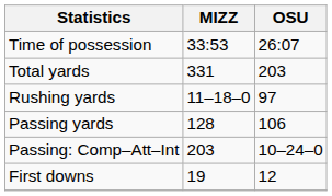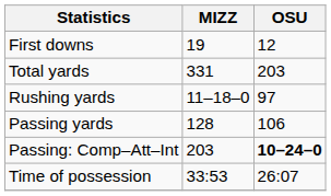 <table class="wikitable" style="float: left;">
 <tr>
 <th>Statistics</th>
 <th>MIZZ</th>
 <th>OSU</th>
 </tr>
 <tr>
-<td>Time of possession</td>
-<td>33:53</td>
-<td>26:07</td>
+<td>First downs</td>
+<td>19</td>
+<td>12</td>
 </tr>
 <tr>
 <td>Total yards</td>
 <td>331</td>
 <td>203</td>
 </tr>
 <tr>
 <td>Rushing yards</td>
 <td>11–18–0</td>
 <td>97</td>
 </tr>
 <tr>
 <td>Passing yards</td>
 <td>128</td>
 <td>106</td>
 </tr>
 <tr>
 <td>Passing: Comp–Att–Int</td>
 <td>203</td>
-<td>10–24–0</td>
+<td><strong>10–24–0</strong></td>
 </tr>
 <tr>
-<td>First downs</td>
-<td>19</td>
-<td>12</td>
+<td>Time of possession</td>
+<td>33:53</td>
+<td>26:07</td>
 </tr>
 <tr>
 </tr>
 </table>
